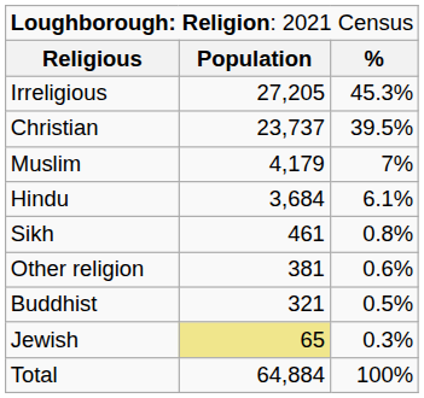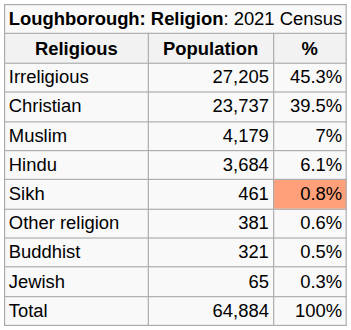 <table class="wikitable">
 <tr>
 <td colspan="14" style="text-align:right;"><strong>Loughborough: Religion</strong>: 2021 Census</td>
 </tr>
 <tr>
 <th>Religious</th>
 <th>Population</th>
 <th>%</th>
 </tr>
 <tr>
 <td>Irreligious</td>
 <td style="text-align:right;">27,205</td>
 <td style="text-align:right;">45.3%</td>
 </tr>
 <tr>
 <td>Christian</td>
 <td style="text-align:right;">23,737</td>
 <td style="text-align:right;">39.5%</td>
 </tr>
 <tr>
 <td>Muslim</td>
 <td style="text-align:right;">4,179</td>
 <td style="text-align:right;">7%</td>
 </tr>
 <tr>
 <td>Hindu</td>
 <td style="text-align:right;">3,684</td>
 <td style="text-align:right;">6.1%</td>
 </tr>
 <tr>
 <td>Sikh</td>
 <td style="text-align:right;">461</td>
-<td style="text-align:right;">0.8%</td>
+<td style="background: lightsalmon; text-align:right;">0.8%</td>
 </tr>
 <tr>
 <td>Other religion</td>
 <td style="text-align:right;">381</td>
 <td style="text-align:right;">0.6%</td>
 </tr>
 <tr>
 <td>Buddhist</td>
 <td style="text-align:right;">321</td>
 <td style="text-align:right;">0.5%</td>
 </tr>
 <tr>
 <td>Jewish</td>
-<td style="background: khaki; text-align:right;">65</td>
+<td style="text-align:right;">65</td>
 <td style="text-align:right;">0.3%</td>
 </tr>
 <tr>
 <td>Total</td>
 <td style="text-align:right;">64,884</td>
 <td style="text-align:right;">100%</td>
 </tr>
 </table>
